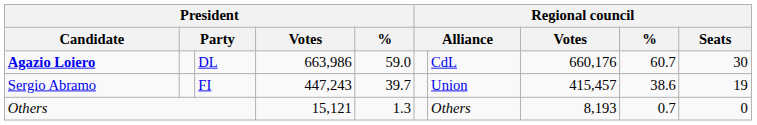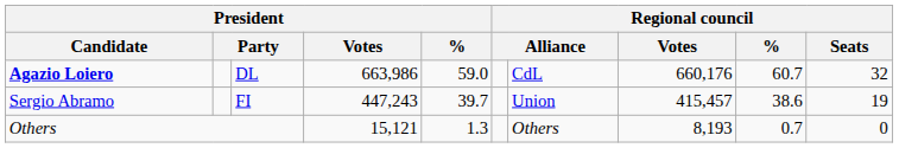 <table class="wikitable" style="text-align:right; style="width=65%">
 <tr>
 <th colspan="5">President</th>
 <th colspan="7">Regional council</th>
 </tr>
 <tr>
 <th>Candidate</th>
 <th colspan="2">Party</th>
 <th>Votes</th>
 <th>%</th>
 <th colspan="2">Alliance</th>
 <th>Votes</th>
 <th>%</th>
 <th>Seats</th>
 </tr>
 <tr>
 <td style="text-align:left"><strong><a href='#'>Agazio Loiero</a></strong></td>
 <td></td>
 <td style="text-align:left"><a href='#'>DL</a></td>
 <td>663,986</td>
 <td>59.0</td>
 <td></td>
 <td style="text-align:left"><a href='#'>CdL</a></td>
 <td>660,176</td>
 <td>60.7</td>
-<td>30</td>
+<td>32</td>
 </tr>
 <tr>
 <td style="text-align:left"><a href='#'>Sergio Abramo</a></td>
 <td></td>
 <td style="text-align:left"><a href='#'>FI</a></td>
 <td>447,243</td>
 <td>39.7</td>
 <td></td>
 <td style="text-align:left"><a href='#'>Union</a></td>
 <td>415,457</td>
 <td>38.6</td>
 <td>19</td>
 </tr>
 <tr>
 <td colspan="3" style="text-align:left"><em>Others</em></td>
 <td>15,121</td>
 <td>1.3</td>
 <td></td>
 <td style="text-align:left"><em>Others</em></td>
 <td>8,193</td>
 <td>0.7</td>
 <td>0</td>
 </tr>
 </table>
